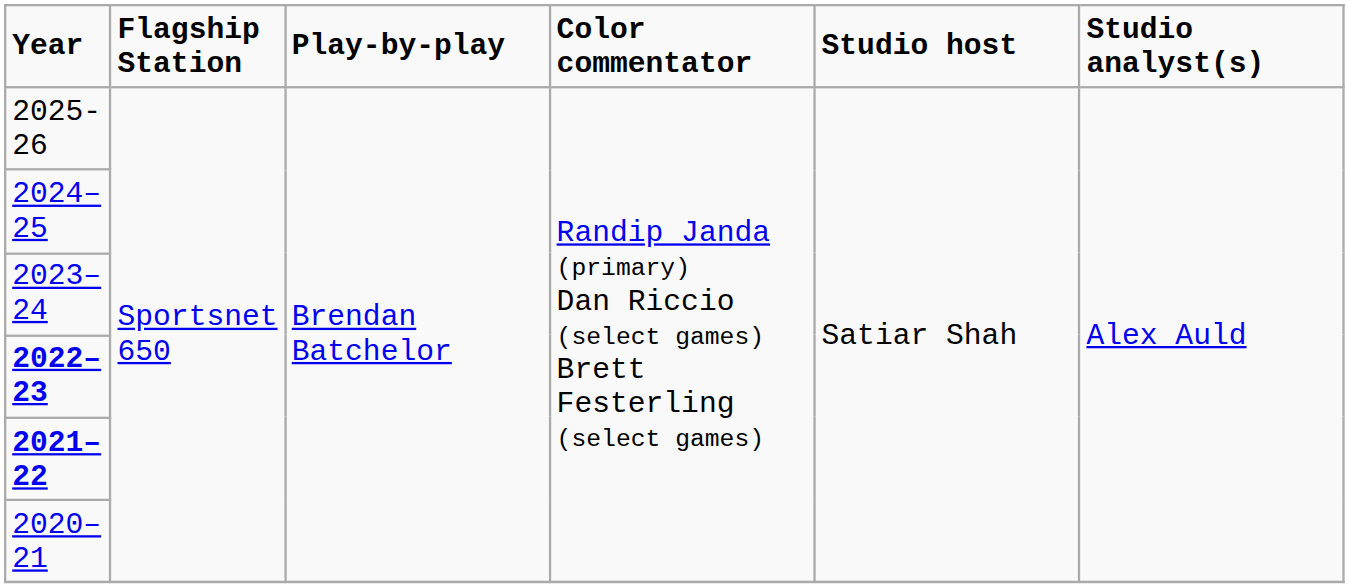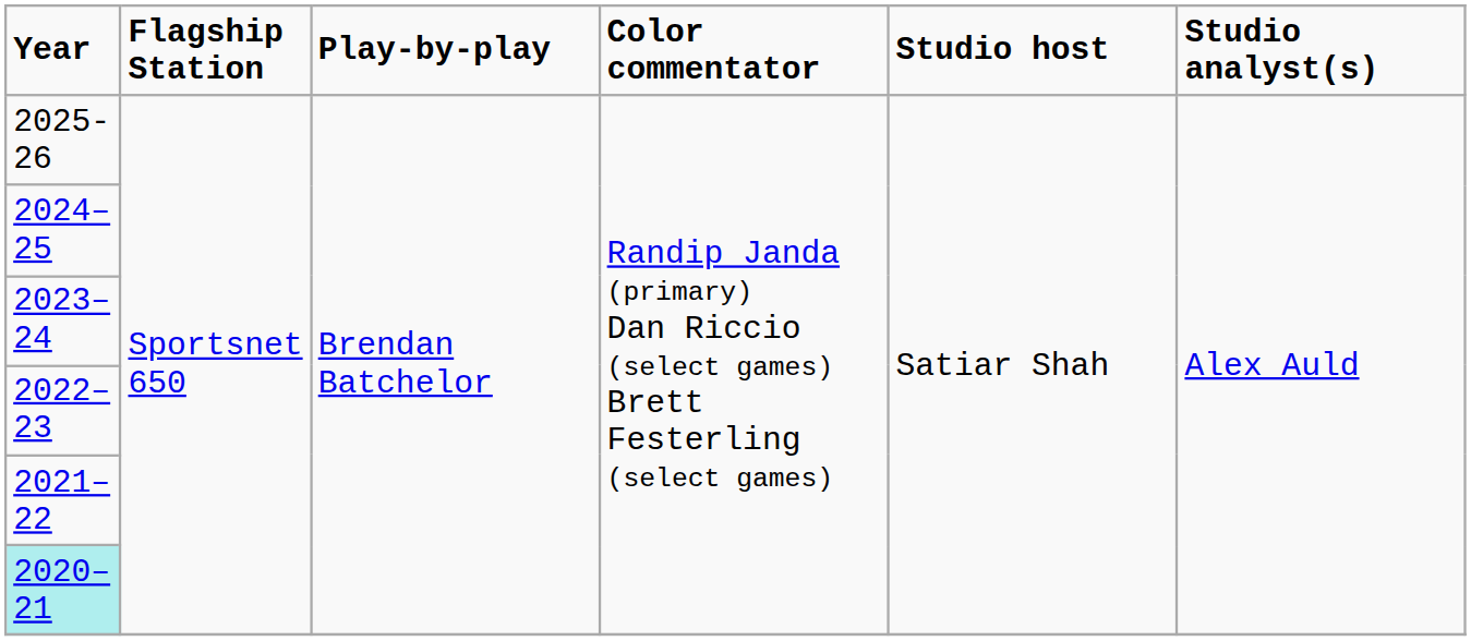 <table class="wikitable">
 <tr>
 <td style="width:40px;"><strong>Year</strong></td>
 <td style="width:40px;"><strong>Flagship Station</strong></td>
 <td style="width:110px;"><strong>Play-by-play</strong></td>
 <td style="width:110px;"><strong>Color commentator</strong></td>
 <td style="width:110px;"><strong>Studio host</strong></td>
 <td style="width:110px;"><strong>Studio analyst(s)</strong></td>
 </tr>
 <tr>
 <td>2025-26</td>
 <td rowspan=6><a href='#'>Sportsnet 650</a></td>
 <td rowspan=6><a href='#'>Brendan Batchelor</a></td>
 <td rowspan=6><a href='#'>Randip Janda</a> <small>(primary)</small><br>Dan Riccio <small>(select games)</small><br>Brett Festerling <small>(select games)</small></td>
 <td rowspan=6>Satiar Shah</td>
 <td rowspan=6><a href='#'>Alex Auld</a></td>
 </tr>
 <tr>
 <td><a href='#'>2024–25</a></td>
 </tr>
 <tr>
 <td><a href='#'>2023–24</a></td>
 </tr>
 <tr>
-<td><strong><a href='#'>2022–23</a></strong></td>
+<td><a href='#'>2022–23</a></td>
 </tr>
 <tr>
-<td><strong><a href='#'>2021–22</a></strong></td>
+<td><a href='#'>2021–22</a></td>
 </tr>
 <tr>
-<td><a href='#'>2020–21</a></td>
+<td style="background: paleturquoise;"><a href='#'>2020–21</a></td>
 </tr>
 <tr>
 </tr>
 </table>
